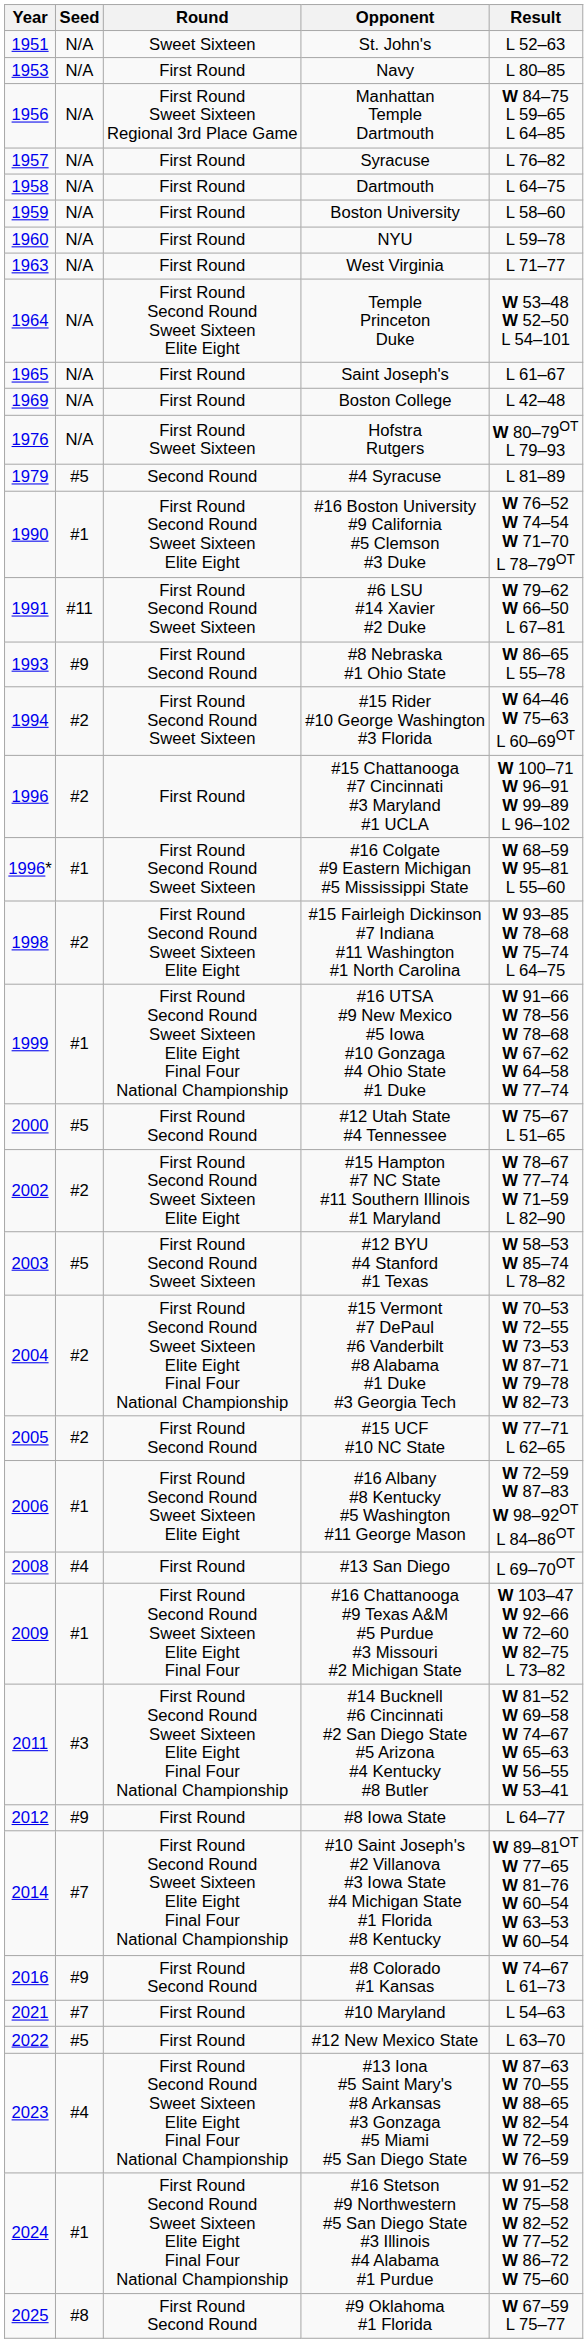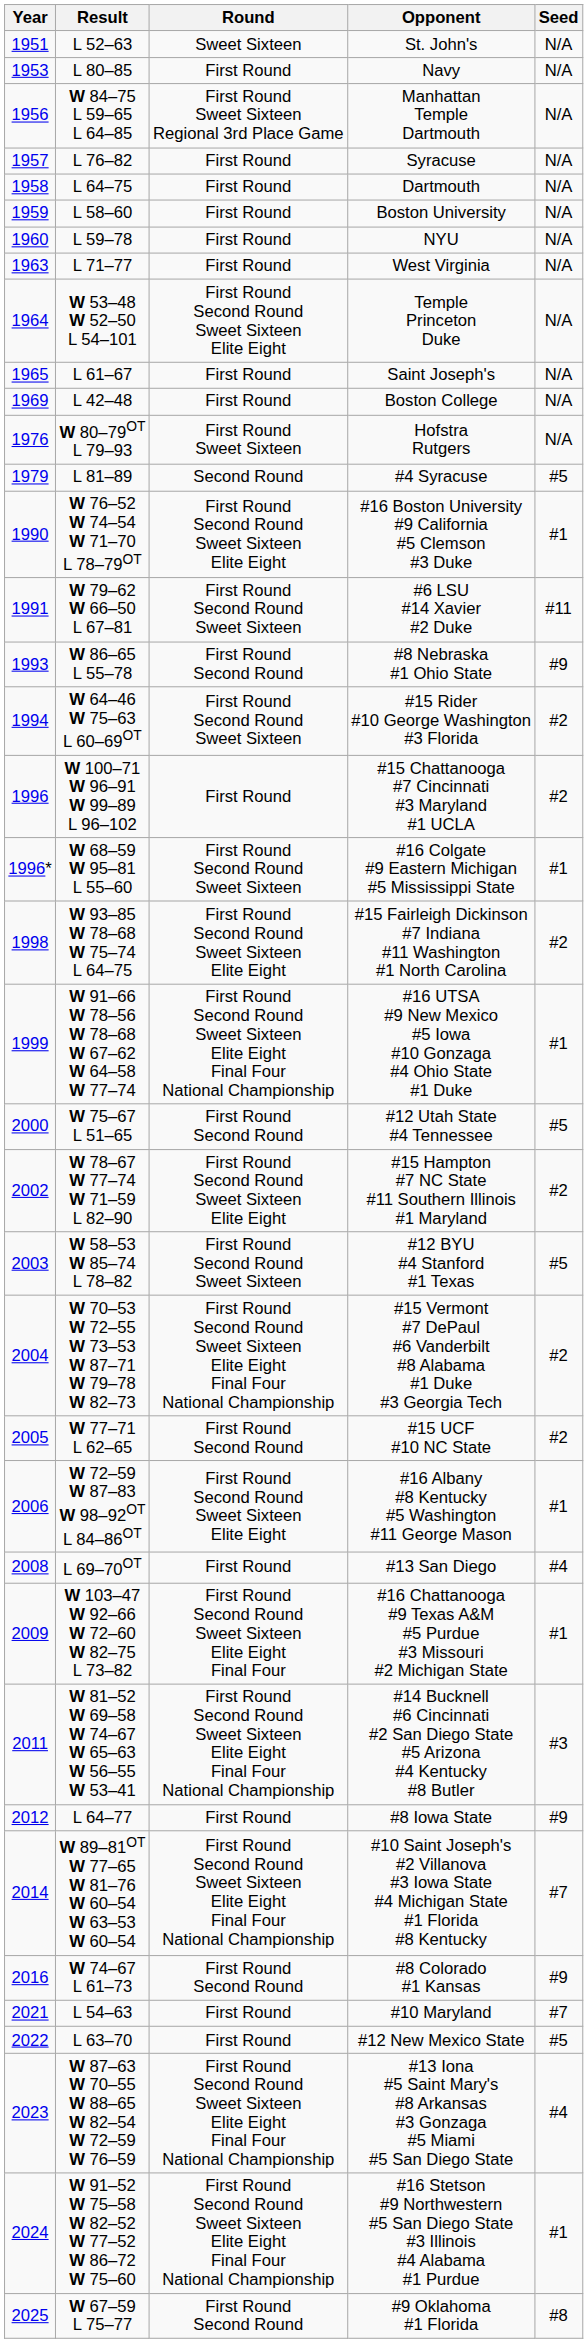 <table class="wikitable">
 <tr>
 <th>Year</th>
-<th>Seed</th>
+<th>Result</th>
 <th>Round</th>
 <th>Opponent</th>
-<th>Result</th>
+<th>Seed</th>
 </tr>
 <tr align="center">
 <td><a href='#'>1951</a></td>
-<td>N/A</td>
+<td>L 52–63</td>
 <td>Sweet Sixteen</td>
 <td>St. John's</td>
-<td>L 52–63</td>
+<td>N/A</td>
 </tr>
 <tr align="center">
 <td><a href='#'>1953</a></td>
-<td>N/A</td>
+<td>L 80–85</td>
 <td>First Round</td>
 <td>Navy</td>
-<td>L 80–85</td>
+<td>N/A</td>
 </tr>
 <tr align="center">
 <td><a href='#'>1956</a></td>
-<td>N/A</td>
+<td><strong>W</strong> 84–75<br>L 59–65<br>L 64–85</td>
 <td>First Round<br>Sweet Sixteen<br>Regional 3rd Place Game</td>
 <td>Manhattan<br>Temple<br>Dartmouth</td>
-<td><strong>W</strong> 84–75<br>L 59–65<br>L 64–85</td>
+<td>N/A</td>
 </tr>
 <tr align="center">
 <td><a href='#'>1957</a></td>
-<td>N/A</td>
+<td>L 76–82</td>
 <td>First Round</td>
 <td>Syracuse</td>
-<td>L 76–82</td>
+<td>N/A</td>
 </tr>
 <tr align="center">
 <td><a href='#'>1958</a></td>
-<td>N/A</td>
+<td>L 64–75</td>
 <td>First Round</td>
 <td>Dartmouth</td>
-<td>L 64–75</td>
+<td>N/A</td>
 </tr>
 <tr align="center">
 <td><a href='#'>1959</a></td>
-<td>N/A</td>
+<td>L 58–60</td>
 <td>First Round</td>
 <td>Boston University</td>
-<td>L 58–60</td>
+<td>N/A</td>
 </tr>
 <tr align="center">
 <td><a href='#'>1960</a></td>
-<td>N/A</td>
+<td>L 59–78</td>
 <td>First Round</td>
 <td>NYU</td>
-<td>L 59–78</td>
+<td>N/A</td>
 </tr>
 <tr align="center">
 <td><a href='#'>1963</a></td>
-<td>N/A</td>
+<td>L 71–77</td>
 <td>First Round</td>
 <td>West Virginia</td>
-<td>L 71–77</td>
+<td>N/A</td>
 </tr>
 <tr align="center">
 <td><a href='#'>1964</a></td>
-<td>N/A</td>
+<td><strong>W</strong> 53–48<br><strong>W</strong> 52–50<br>L 54–101</td>
 <td>First Round<br>Second Round<br>Sweet Sixteen<br>Elite Eight</td>
 <td>Temple<br>Princeton<br>Duke</td>
-<td><strong>W</strong> 53–48<br><strong>W</strong> 52–50<br>L 54–101</td>
+<td>N/A</td>
 </tr>
 <tr align="center">
 <td><a href='#'>1965</a></td>
-<td>N/A</td>
+<td>L 61–67</td>
 <td>First Round</td>
 <td>Saint Joseph's</td>
-<td>L 61–67</td>
+<td>N/A</td>
 </tr>
 <tr align="center">
 <td><a href='#'>1969</a></td>
-<td>N/A</td>
+<td>L 42–48</td>
 <td>First Round</td>
 <td>Boston College</td>
-<td>L 42–48</td>
+<td>N/A</td>
 </tr>
 <tr align="center">
 <td><a href='#'>1976</a></td>
-<td>N/A</td>
+<td><strong>W</strong> 80–79<sup>OT</sup><br>L 79–93</td>
 <td>First Round<br>Sweet Sixteen</td>
 <td>Hofstra<br>Rutgers</td>
-<td><strong>W</strong> 80–79<sup>OT</sup><br>L 79–93</td>
+<td>N/A</td>
 </tr>
 <tr align="center">
 <td><a href='#'>1979</a></td>
-<td>#5</td>
+<td>L 81–89</td>
 <td>Second Round</td>
 <td>#4 Syracuse</td>
-<td>L 81–89</td>
+<td>#5</td>
 </tr>
 <tr align="center">
 <td><a href='#'>1990</a></td>
-<td>#1</td>
+<td><strong>W</strong> 76–52<br><strong>W</strong> 74–54<br><strong>W</strong> 71–70<br>L 78–79<sup>OT</sup></td>
 <td>First Round<br>Second Round<br>Sweet Sixteen<br>Elite Eight</td>
 <td>#16 Boston University<br>#9 California<br>#5 Clemson<br>#3 Duke</td>
-<td><strong>W</strong> 76–52<br><strong>W</strong> 74–54<br><strong>W</strong> 71–70<br>L 78–79<sup>OT</sup></td>
+<td>#1</td>
 </tr>
 <tr align="center">
 <td><a href='#'>1991</a></td>
-<td>#11</td>
+<td><strong>W</strong> 79–62<br><strong>W</strong> 66–50<br>L 67–81</td>
 <td>First Round<br>Second Round<br>Sweet Sixteen</td>
 <td>#6 LSU<br>#14 Xavier<br>#2 Duke</td>
-<td><strong>W</strong> 79–62<br><strong>W</strong> 66–50<br>L 67–81</td>
+<td>#11</td>
 </tr>
 <tr align="center">
 <td><a href='#'>1993</a></td>
-<td>#9</td>
+<td><strong>W</strong> 86–65<br>L 55–78</td>
 <td>First Round<br>Second Round</td>
 <td>#8 Nebraska<br>#1 Ohio State</td>
-<td><strong>W</strong> 86–65<br>L 55–78</td>
+<td>#9</td>
 </tr>
 <tr align="center">
 <td><a href='#'>1994</a></td>
-<td>#2</td>
+<td><strong>W</strong> 64–46<br><strong>W</strong> 75–63<br>L 60–69<sup>OT</sup></td>
 <td>First Round<br>Second Round<br>Sweet Sixteen</td>
 <td>#15 Rider<br>#10 George Washington<br>#3 Florida</td>
-<td><strong>W</strong> 64–46<br><strong>W</strong> 75–63<br>L 60–69<sup>OT</sup></td>
+<td>#2</td>
 </tr>
 <tr align="center">
 <td><a href='#'>1996</a></td>
-<td>#2</td>
+<td><strong>W</strong> 100–71<br><strong>W</strong> 96–91<br><strong>W</strong> 99–89<br>L 96–102</td>
 <td>First Round</td>
 <td>#15 Chattanooga<br>#7 Cincinnati<br>#3 Maryland<br>#1 UCLA</td>
-<td><strong>W</strong> 100–71<br><strong>W</strong> 96–91<br><strong>W</strong> 99–89<br>L 96–102</td>
+<td>#2</td>
 </tr>
 <tr align="center">
 <td><a href='#'>1996</a>*</td>
-<td>#1</td>
+<td><strong>W</strong> 68–59<br><strong>W</strong> 95–81<br>L 55–60</td>
 <td>First Round<br>Second Round<br>Sweet Sixteen</td>
 <td>#16 Colgate<br>#9 Eastern Michigan<br>#5 Mississippi State</td>
-<td><strong>W</strong> 68–59<br><strong>W</strong> 95–81<br>L 55–60</td>
+<td>#1</td>
 </tr>
 <tr align="center">
 <td><a href='#'>1998</a></td>
-<td>#2</td>
+<td><strong>W</strong> 93–85<br><strong>W</strong> 78–68<br><strong>W</strong> 75–74<br>L 64–75</td>
 <td>First Round<br>Second Round<br>Sweet Sixteen<br>Elite Eight</td>
 <td>#15 Fairleigh Dickinson<br>#7 Indiana<br>#11 Washington<br>#1 North Carolina</td>
-<td><strong>W</strong> 93–85<br><strong>W</strong> 78–68<br><strong>W</strong> 75–74<br>L 64–75</td>
+<td>#2</td>
 </tr>
 <tr align="center">
 <td><a href='#'>1999</a></td>
-<td>#1</td>
+<td><strong>W</strong> 91–66<br><strong>W</strong> 78–56<br><strong>W</strong> 78–68<br><strong>W</strong> 67–62<br><strong>W</strong> 64–58<br><strong>W</strong> 77–74</td>
 <td>First Round<br>Second Round<br>Sweet Sixteen<br>Elite Eight<br>Final Four<br>National Championship</td>
 <td>#16 UTSA<br>#9 New Mexico<br>#5 Iowa<br>#10 Gonzaga<br>#4 Ohio State<br>#1 Duke</td>
-<td><strong>W</strong> 91–66<br><strong>W</strong> 78–56<br><strong>W</strong> 78–68<br><strong>W</strong> 67–62<br><strong>W</strong> 64–58<br><strong>W</strong> 77–74</td>
+<td>#1</td>
 </tr>
 <tr align="center">
 <td><a href='#'>2000</a></td>
-<td>#5</td>
+<td><strong>W</strong> 75–67<br>L 51–65</td>
 <td>First Round<br>Second Round</td>
 <td>#12 Utah State<br>#4 Tennessee</td>
-<td><strong>W</strong> 75–67<br>L 51–65</td>
+<td>#5</td>
 </tr>
 <tr align="center">
 <td><a href='#'>2002</a></td>
-<td>#2</td>
+<td><strong>W</strong> 78–67<br><strong>W</strong> 77–74<br><strong>W</strong> 71–59<br>L 82–90</td>
 <td>First Round<br>Second Round<br>Sweet Sixteen<br>Elite Eight</td>
 <td>#15 Hampton<br>#7 NC State<br>#11 Southern Illinois<br>#1 Maryland</td>
-<td><strong>W</strong> 78–67<br><strong>W</strong> 77–74<br><strong>W</strong> 71–59<br>L 82–90</td>
+<td>#2</td>
 </tr>
 <tr align="center">
 <td><a href='#'>2003</a></td>
-<td>#5</td>
+<td><strong>W</strong> 58–53<br><strong>W</strong> 85–74<br>L 78–82</td>
 <td>First Round<br>Second Round<br>Sweet Sixteen</td>
 <td>#12 BYU<br>#4 Stanford<br>#1 Texas</td>
-<td><strong>W</strong> 58–53<br><strong>W</strong> 85–74<br>L 78–82</td>
+<td>#5</td>
 </tr>
 <tr align="center">
 <td><a href='#'>2004</a></td>
-<td>#2</td>
+<td><strong>W</strong> 70–53<br><strong>W</strong> 72–55<br><strong>W</strong> 73–53<br><strong>W</strong> 87–71<br><strong>W</strong> 79–78<br><strong>W</strong> 82–73</td>
 <td>First Round<br>Second Round<br>Sweet Sixteen<br>Elite Eight<br>Final Four<br>National Championship</td>
 <td>#15 Vermont<br>#7 DePaul<br>#6 Vanderbilt<br>#8 Alabama<br>#1 Duke<br>#3 Georgia Tech</td>
-<td><strong>W</strong> 70–53<br><strong>W</strong> 72–55<br><strong>W</strong> 73–53<br><strong>W</strong> 87–71<br><strong>W</strong> 79–78<br><strong>W</strong> 82–73</td>
+<td>#2</td>
 </tr>
 <tr align="center">
 <td><a href='#'>2005</a></td>
-<td>#2</td>
+<td><strong>W</strong> 77–71<br>L 62–65</td>
 <td>First Round<br>Second Round</td>
 <td>#15 UCF<br>#10 NC State</td>
-<td><strong>W</strong> 77–71<br>L 62–65</td>
+<td>#2</td>
 </tr>
 <tr align="center">
 <td><a href='#'>2006</a></td>
-<td>#1</td>
+<td><strong>W</strong> 72–59<br><strong>W</strong> 87–83<br><strong>W</strong> 98–92<sup>OT</sup><br>L 84–86<sup>OT</sup></td>
 <td>First Round<br>Second Round<br>Sweet Sixteen<br>Elite Eight</td>
 <td>#16 Albany<br>#8 Kentucky<br>#5 Washington<br>#11 George Mason</td>
-<td><strong>W</strong> 72–59<br><strong>W</strong> 87–83<br><strong>W</strong> 98–92<sup>OT</sup><br>L 84–86<sup>OT</sup></td>
+<td>#1</td>
 </tr>
 <tr align="center">
 <td><a href='#'>2008</a></td>
-<td>#4</td>
+<td>L 69–70<sup>OT</sup></td>
 <td>First Round</td>
 <td>#13 San Diego</td>
-<td>L 69–70<sup>OT</sup></td>
+<td>#4</td>
 </tr>
 <tr align="center">
 <td><a href='#'>2009</a></td>
-<td>#1</td>
+<td><strong>W</strong> 103–47<br><strong>W</strong> 92–66<br><strong>W</strong> 72–60<br><strong>W</strong> 82–75<br>L 73–82</td>
 <td>First Round<br>Second Round<br>Sweet Sixteen<br>Elite Eight<br>Final Four</td>
 <td>#16 Chattanooga<br>#9 Texas A&M<br>#5 Purdue<br>#3 Missouri<br>#2 Michigan State</td>
-<td><strong>W</strong> 103–47<br><strong>W</strong> 92–66<br><strong>W</strong> 72–60<br><strong>W</strong> 82–75<br>L 73–82</td>
+<td>#1</td>
 </tr>
 <tr align="center">
 <td><a href='#'>2011</a></td>
-<td>#3</td>
+<td><strong>W</strong> 81–52<br><strong>W</strong> 69–58<br><strong>W</strong> 74–67<br><strong>W</strong> 65–63<br><strong>W</strong> 56–55<br><strong>W</strong> 53–41</td>
 <td>First Round<br>Second Round<br>Sweet Sixteen<br>Elite Eight<br>Final Four<br>National Championship</td>
 <td>#14 Bucknell<br>#6 Cincinnati<br>#2 San Diego State<br>#5 Arizona<br>#4 Kentucky<br>#8 Butler</td>
-<td><strong>W</strong> 81–52<br><strong>W</strong> 69–58<br><strong>W</strong> 74–67<br><strong>W</strong> 65–63<br><strong>W</strong> 56–55<br><strong>W</strong> 53–41</td>
+<td>#3</td>
 </tr>
 <tr align="center">
 <td><a href='#'>2012</a></td>
-<td>#9</td>
+<td>L 64–77</td>
 <td>First Round</td>
 <td>#8 Iowa State</td>
-<td>L 64–77</td>
+<td>#9</td>
 </tr>
 <tr align="center">
 <td><a href='#'>2014</a></td>
-<td>#7</td>
+<td><strong>W</strong> 89–81<sup>OT</sup><br><strong>W</strong> 77–65<br><strong>W</strong> 81–76<br><strong>W</strong> 60–54<br><strong>W</strong> 63–53<br><strong>W</strong> 60–54</td>
 <td>First Round<br>Second Round<br>Sweet Sixteen<br>Elite Eight<br>Final Four<br>National Championship</td>
 <td>#10 Saint Joseph's<br>#2 Villanova<br>#3 Iowa State<br>#4 Michigan State<br>#1 Florida<br>#8 Kentucky</td>
-<td><strong>W</strong> 89–81<sup>OT</sup><br><strong>W</strong> 77–65<br><strong>W</strong> 81–76<br><strong>W</strong> 60–54<br><strong>W</strong> 63–53<br><strong>W</strong> 60–54</td>
+<td>#7</td>
 </tr>
 <tr align="center">
 <td><a href='#'>2016</a></td>
-<td>#9</td>
+<td><strong>W</strong> 74–67<br>L 61–73</td>
 <td>First Round<br>Second Round</td>
 <td>#8 Colorado<br>#1 Kansas</td>
-<td><strong>W</strong> 74–67<br>L 61–73</td>
+<td>#9</td>
 </tr>
 <tr align="center">
 <td><a href='#'>2021</a></td>
-<td>#7</td>
+<td>L 54–63</td>
 <td>First Round</td>
 <td>#10 Maryland</td>
-<td>L 54–63</td>
+<td>#7</td>
 </tr>
 <tr align="center">
 <td><a href='#'>2022</a></td>
-<td>#5</td>
+<td>L 63–70</td>
 <td>First Round</td>
 <td>#12 New Mexico State</td>
-<td>L 63–70</td>
+<td>#5</td>
 </tr>
 <tr align="center">
 <td><a href='#'>2023</a></td>
-<td>#4</td>
+<td><strong>W</strong> 87–63<br> <strong>W</strong> 70–55<br> <strong>W</strong> 88–65<br> <strong>W</strong> 82–54<br> <strong>W</strong> 72–59<br> <strong>W</strong> 76–59</td>
 <td>First Round<br>Second Round<br>Sweet Sixteen<br>Elite Eight<br>Final Four<br>National Championship</td>
 <td>#13 Iona<br>#5 Saint Mary's<br>#8 Arkansas<br> #3 Gonzaga<br>#5 Miami<br>#5 San Diego State</td>
-<td><strong>W</strong> 87–63<br> <strong>W</strong> 70–55<br> <strong>W</strong> 88–65<br> <strong>W</strong> 82–54<br> <strong>W</strong> 72–59<br> <strong>W</strong> 76–59</td>
+<td>#4</td>
 </tr>
 <tr align="center">
 <td><a href='#'>2024</a></td>
-<td>#1</td>
+<td><strong>W</strong> 91–52<br><strong>W</strong> 75–58<br><strong>W</strong> 82–52<br><strong>W</strong> 77–52<br><strong>W</strong> 86–72<br><strong>W</strong> 75–60</td>
 <td>First Round<br>Second Round<br>Sweet Sixteen<br>Elite Eight<br>Final Four<br>National Championship</td>
 <td>#16 Stetson<br>#9 Northwestern<br>#5 San Diego State<br>#3 Illinois<br>#4 Alabama<br>#1 Purdue</td>
-<td><strong>W</strong> 91–52<br><strong>W</strong> 75–58<br><strong>W</strong> 82–52<br><strong>W</strong> 77–52<br><strong>W</strong> 86–72<br><strong>W</strong> 75–60</td>
+<td>#1</td>
 </tr>
 <tr align="center">
 <td><a href='#'>2025</a></td>
-<td>#8</td>
+<td><strong>W</strong> 67–59<br>L 75–77</td>
 <td>First Round<br>Second Round</td>
 <td>#9 Oklahoma<br>#1 Florida</td>
-<td><strong>W</strong> 67–59<br>L 75–77</td>
+<td>#8</td>
 </tr>
 </table>
